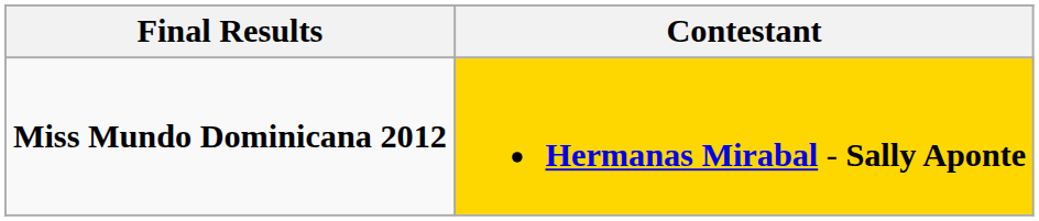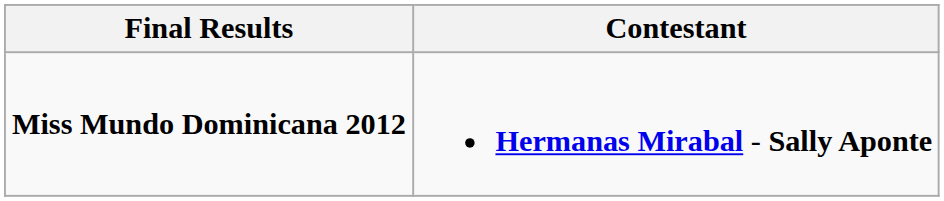 <table class="wikitable">
 <tr>
 <th>Final Results</th>
 <th>Contestant</th>
 </tr>
 <tr>
 <td><strong>Miss Mundo Dominicana 2012</strong></td>
-<td style="background: gold;"><br><ul><li><strong><a href='#'>Hermanas Mirabal</a></strong> - <strong>Sally Aponte</strong></li></ul></td>
+<td><br><ul><li><strong><a href='#'>Hermanas Mirabal</a></strong> - <strong>Sally Aponte</strong></li></ul></td>
 </tr>
 </table>
